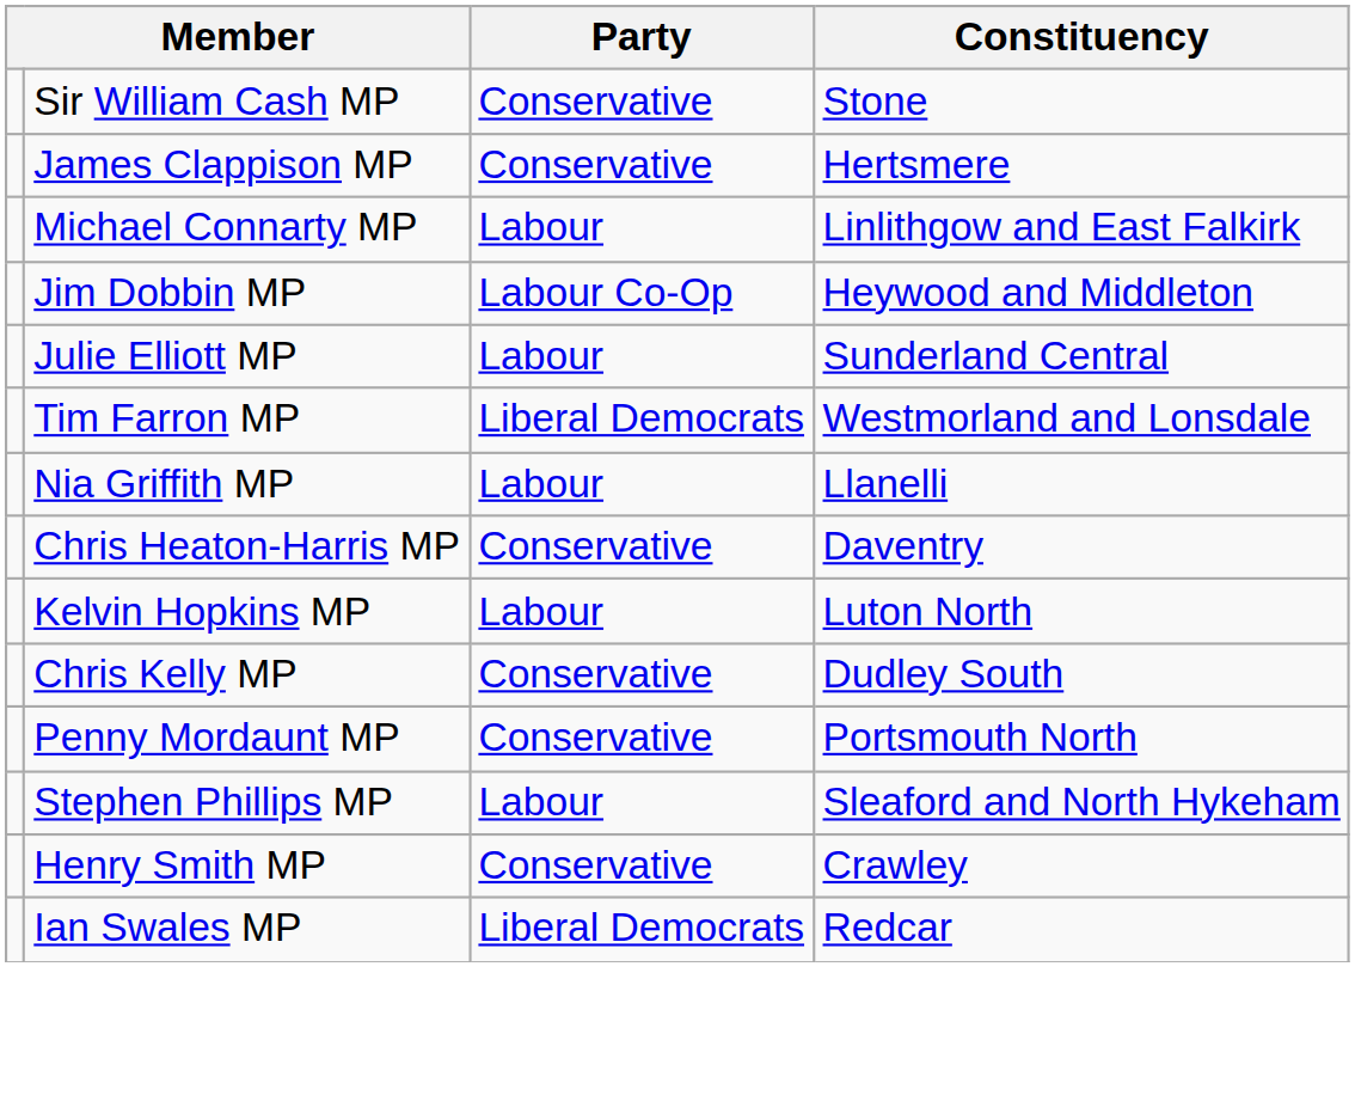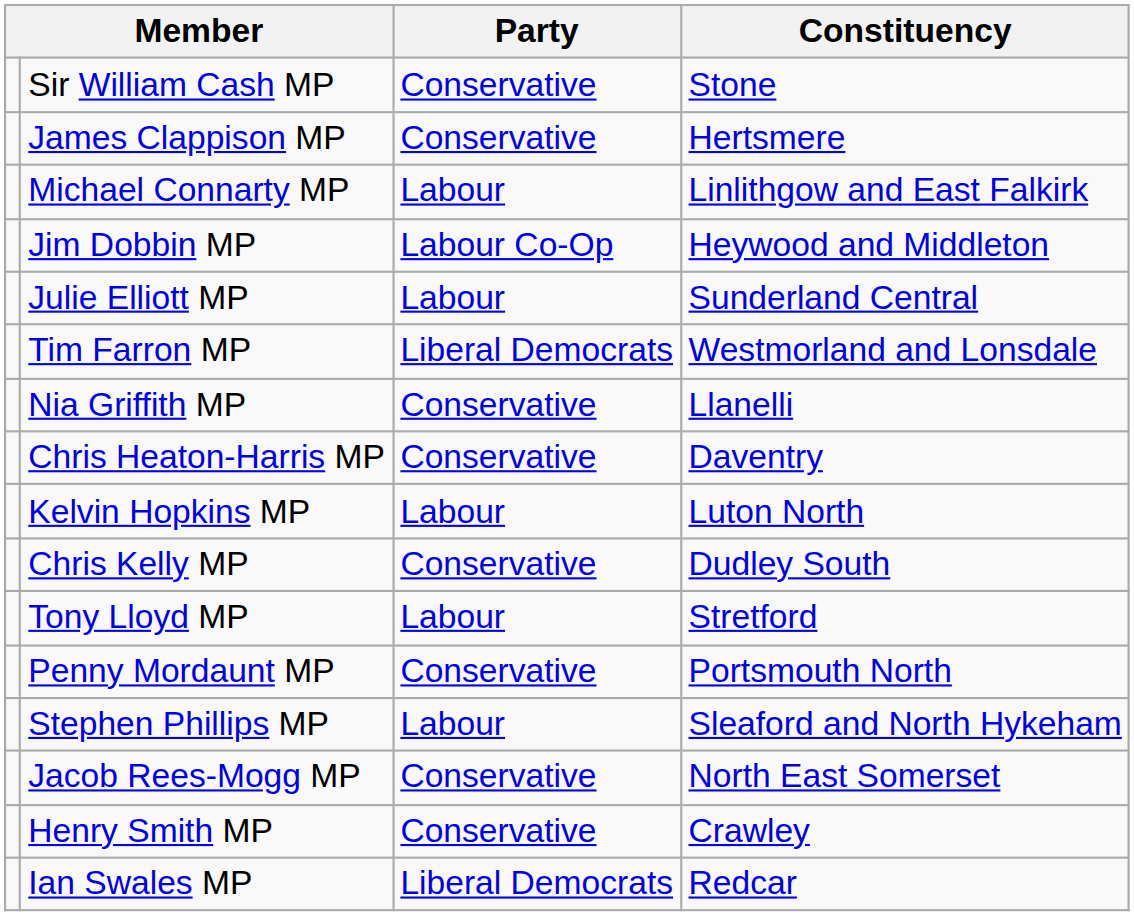 <table class="wikitable">
 <tr>
 <th colspan="2" valign="top">Member</th>
 <th valign="top">Party</th>
 <th valign="top">Constituency</th>
 </tr>
 <tr>
 <td style="color:inherit;background:"></td>
 <td>Sir <a href='#'>William Cash</a> MP</td>
 <td><a href='#'>Conservative</a></td>
 <td><a href='#'>Stone</a></td>
 </tr>
 <tr>
 <td style="color:inherit;background:"></td>
 <td><a href='#'>James Clappison</a> MP</td>
 <td><a href='#'>Conservative</a></td>
 <td><a href='#'>Hertsmere</a></td>
 </tr>
 <tr>
 <td style="color:inherit;background:"></td>
 <td><a href='#'>Michael Connarty</a> MP</td>
 <td><a href='#'>Labour</a></td>
 <td><a href='#'>Linlithgow and East Falkirk</a></td>
 </tr>
 <tr>
 <td style="color:inherit;background:"></td>
 <td><a href='#'>Jim Dobbin</a> MP</td>
 <td><a href='#'>Labour Co-Op</a></td>
 <td><a href='#'>Heywood and Middleton</a></td>
 </tr>
 <tr>
 <td style="color:inherit;background:"></td>
 <td><a href='#'>Julie Elliott</a> MP</td>
 <td><a href='#'>Labour</a></td>
 <td><a href='#'>Sunderland Central</a></td>
 </tr>
 <tr>
 <td style="color:inherit;background:"></td>
 <td><a href='#'>Tim Farron</a> MP</td>
 <td><a href='#'>Liberal Democrats</a></td>
 <td><a href='#'>Westmorland and Lonsdale</a></td>
 </tr>
 <tr>
 <td style="color:inherit;background:"></td>
 <td><a href='#'>Nia Griffith</a> MP</td>
-<td><a href='#'>Labour</a></td>
+<td><a href='#'>Conservative</a></td>
 <td><a href='#'>Llanelli</a></td>
 </tr>
 <tr>
 <td style="color:inherit;background:"></td>
 <td><a href='#'>Chris Heaton-Harris</a> MP</td>
 <td><a href='#'>Conservative</a></td>
 <td><a href='#'>Daventry</a></td>
 </tr>
 <tr>
 <td style="color:inherit;background:"></td>
 <td><a href='#'>Kelvin Hopkins</a> MP</td>
 <td><a href='#'>Labour</a></td>
 <td><a href='#'>Luton North</a></td>
 </tr>
 <tr>
 <td style="color:inherit;background:"></td>
 <td><a href='#'>Chris Kelly</a> MP</td>
 <td><a href='#'>Conservative</a></td>
 <td><a href='#'>Dudley South</a></td>
 </tr>
 <tr>
 <td style="color:inherit;background:"></td>
+<td><a href='#'>Tony Lloyd</a> MP</td>
+<td><a href='#'>Labour</a></td>
+<td><a href='#'>Stretford</a></td>
+</tr>
+<tr>
+<td style="color:inherit;background:"></td>
 <td><a href='#'>Penny Mordaunt</a> MP</td>
 <td><a href='#'>Conservative</a></td>
 <td><a href='#'>Portsmouth North</a></td>
 </tr>
 <tr>
 <td style="color:inherit;background:"></td>
 <td><a href='#'>Stephen Phillips</a> MP</td>
 <td><a href='#'>Labour</a></td>
 <td><a href='#'>Sleaford and North Hykeham</a></td>
+</tr>
+<tr>
+<td style="color:inherit;background:"></td>
+<td><a href='#'>Jacob Rees-Mogg</a> MP</td>
+<td><a href='#'>Conservative</a></td>
+<td><a href='#'>North East Somerset</a></td>
 </tr>
 <tr>
 <td style="color:inherit;background:"></td>
 <td><a href='#'>Henry Smith</a> MP</td>
 <td><a href='#'>Conservative</a></td>
 <td><a href='#'>Crawley</a></td>
 </tr>
 <tr>
 <td style="color:inherit;background:"></td>
 <td><a href='#'>Ian Swales</a> MP</td>
 <td><a href='#'>Liberal Democrats</a></td>
 <td><a href='#'>Redcar</a></td>
 </tr>
 </table>
